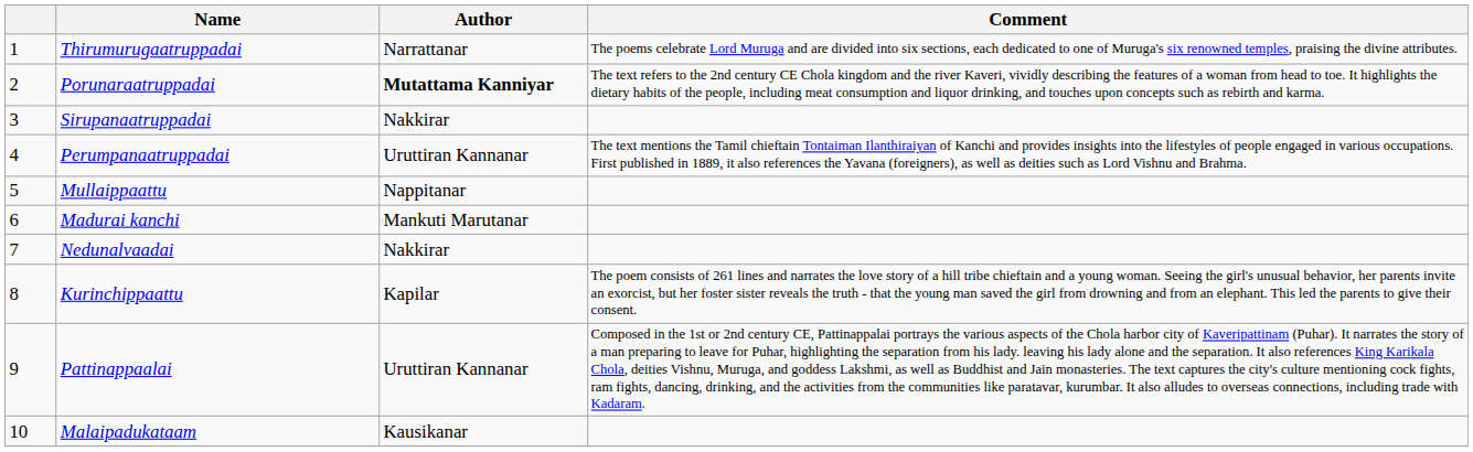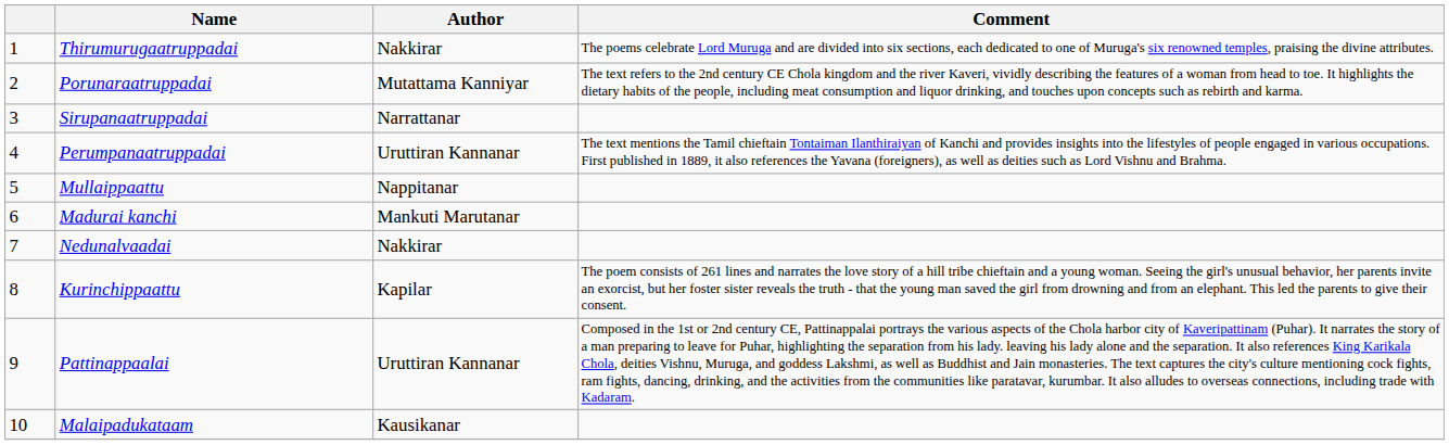 <table class="wikitable" style="table-layout: fixed; width: 100%;">
 <tr>
 <th style="width: 3%;"></th>
 <th ! style="width: 22%;">Name</th>
 <th ! style="width: 14%;">Author</th>
 <th ! style="width: 61%;">Comment</th>
 </tr>
 <tr>
 <td>1</td>
 <td><a href='#'><em>Thirumurugaatruppadai</em></a></td>
-<td>Narrattanar</td>
+<td>Nakkirar</td>
 <td style="font-size: 75%;">The poems celebrate <a href='#'>Lord Muruga</a> and are divided into six sections, each dedicated to one of Muruga's <a href='#'>six renowned temples</a>, praising the divine attributes.</td>
 </tr>
 <tr>
 <td>2</td>
 <td><a href='#'><em>Porunaraatruppadai</em></a></td>
-<td><strong>Mutattama Kanniyar</strong></td>
+<td>Mutattama Kanniyar</td>
 <td style="font-size: 75%;">The text refers to the 2nd century CE Chola kingdom and the river Kaveri, vividly describing the features of a woman from head to toe. It highlights the dietary habits of the people, including meat consumption and liquor drinking, and touches upon concepts such as rebirth and karma.</td>
 </tr>
 <tr>
 <td>3</td>
 <td><a href='#'><em>Sirupanaatruppadai</em></a></td>
-<td>Nakkirar</td>
+<td>Narrattanar</td>
 <td style="font-size: 75%;"></td>
 </tr>
 <tr>
 <td>4</td>
 <td><a href='#'><em>Perumpanaatruppadai</em></a></td>
 <td>Uruttiran Kannanar</td>
 <td style="font-size: 75%;">The text mentions the Tamil chieftain <a href='#'>Tontaiman Ilanthiraiyan</a> of Kanchi and provides insights into the lifestyles of people engaged in various occupations. First published in 1889, it also references the Yavana (foreigners), as well as deities such as Lord Vishnu and Brahma.</td>
 </tr>
 <tr>
 <td>5</td>
 <td><a href='#'><em>Mullaippaattu</em></a></td>
 <td>Nappitanar</td>
 <td style="font-size: 75%;"></td>
 </tr>
 <tr>
 <td>6</td>
 <td><a href='#'><em>Madurai kanchi</em></a></td>
 <td>Mankuti Marutanar</td>
 <td style="font-size: 75%;"></td>
 </tr>
 <tr>
 <td>7</td>
 <td><a href='#'><em>Nedunalvaadai</em></a></td>
 <td>Nakkirar</td>
 <td style="font-size: 75%;"></td>
 </tr>
 <tr>
 <td>8</td>
 <td><a href='#'><em>Kurinchippaattu</em></a></td>
 <td>Kapilar</td>
 <td style="font-size: 75%;">The poem consists of 261 lines and narrates the love story of a hill tribe chieftain and a young woman. Seeing the girl's unusual behavior, her parents invite an exorcist, but her foster sister reveals the truth - that the young man saved the girl from drowning and from an elephant. This led the parents to give their consent.</td>
 </tr>
 <tr>
 <td>9</td>
 <td><a href='#'><em>Pattinappaalai</em></a></td>
 <td>Uruttiran Kannanar</td>
 <td style="font-size: 75%;">Composed in the 1st or 2nd century CE, Pattinappalai portrays the various aspects of the Chola harbor city of <a href='#'>Kaveripattinam</a> (Puhar). It narrates the story of a man preparing to leave for Puhar, highlighting the separation from his lady. leaving his lady alone and the separation. It also references <a href='#'>King Karikala Chola</a>, deities Vishnu, Muruga, and goddess Lakshmi, as well as Buddhist and Jain monasteries. The text captures the city's culture mentioning cock fights, ram fights, dancing, drinking, and the activities from the communities like paratavar, kurumbar. It also alludes to overseas connections, including trade with <a href='#'>Kadaram</a>.</td>
 </tr>
 <tr>
 <td>10</td>
 <td><a href='#'><em>Malaipadukataam</em></a></td>
 <td>Kausikanar</td>
 <td style="font-size: 75%;"></td>
 </tr>
 <tr>
 </tr>
 </table>
